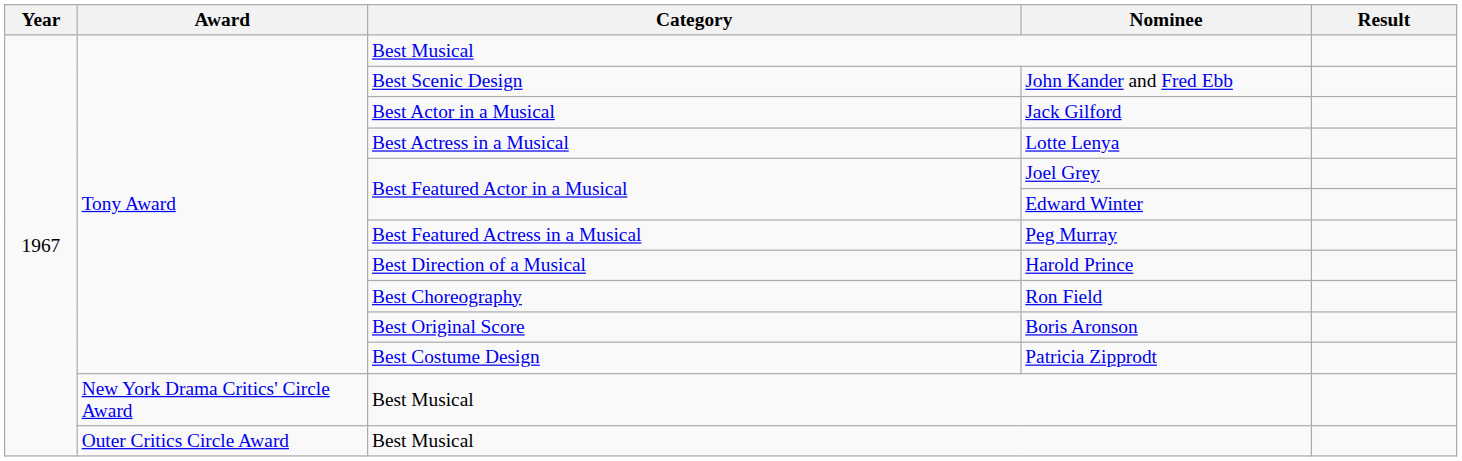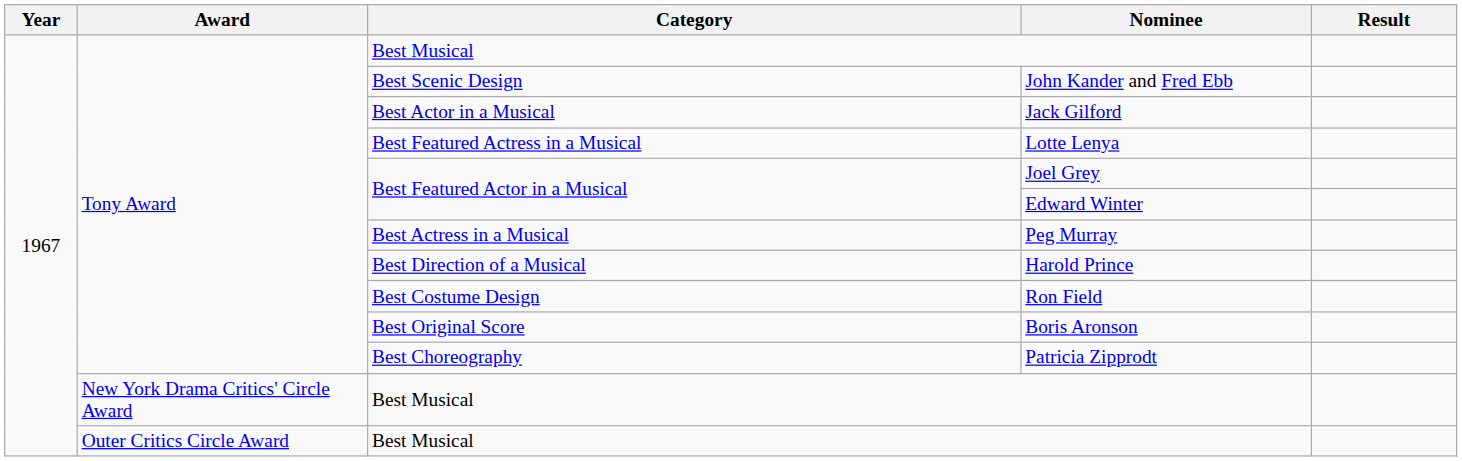 <table class="wikitable" style="width:95%;">
 <tr>
 <th style="width:5%;">Year</th>
 <th style="width:20%;">Award</th>
 <th style="width:45%;">Category</th>
 <th style="width:20%;">Nominee</th>
 <th style="width:10%;">Result</th>
 </tr>
 <tr>
 <td rowspan="13" style="text-align:center;">1967</td>
 <td rowspan="11"><a href='#'>Tony Award</a></td>
 <td colspan="2"><a href='#'>Best Musical</a></td>
 <td></td>
 </tr>
 <tr>
 <td><a href='#'>Best Scenic Design</a></td>
 <td><a href='#'>John Kander</a> and <a href='#'>Fred Ebb</a></td>
 <td></td>
 </tr>
 <tr>
 <td><a href='#'>Best Actor in a Musical</a></td>
 <td><a href='#'>Jack Gilford</a></td>
 <td></td>
 </tr>
 <tr>
-<td><a href='#'>Best Actress in a Musical</a></td>
+<td><a href='#'>Best Featured Actress in a Musical</a></td>
 <td><a href='#'>Lotte Lenya</a></td>
 <td></td>
 </tr>
 <tr>
 <td rowspan="2"><a href='#'>Best Featured Actor in a Musical</a></td>
 <td><a href='#'>Joel Grey</a></td>
 <td></td>
 </tr>
 <tr>
 <td><a href='#'>Edward Winter</a></td>
 <td></td>
 </tr>
 <tr>
-<td><a href='#'>Best Featured Actress in a Musical</a></td>
+<td><a href='#'>Best Actress in a Musical</a></td>
 <td><a href='#'>Peg Murray</a></td>
 <td></td>
 </tr>
 <tr>
 <td><a href='#'>Best Direction of a Musical</a></td>
 <td><a href='#'>Harold Prince</a></td>
 <td></td>
 </tr>
 <tr>
-<td><a href='#'>Best Choreography</a></td>
+<td><a href='#'>Best Costume Design</a></td>
 <td><a href='#'>Ron Field</a></td>
 <td></td>
 </tr>
 <tr>
 <td><a href='#'>Best Original Score</a></td>
 <td><a href='#'>Boris Aronson</a></td>
 <td></td>
 </tr>
 <tr>
-<td><a href='#'>Best Costume Design</a></td>
+<td><a href='#'>Best Choreography</a></td>
 <td><a href='#'>Patricia Zipprodt</a></td>
 <td></td>
 </tr>
 <tr>
 <td><a href='#'>New York Drama Critics' Circle Award</a></td>
 <td colspan="2">Best Musical</td>
 <td></td>
 </tr>
 <tr>
 <td><a href='#'>Outer Critics Circle Award</a></td>
 <td colspan="2">Best Musical</td>
 <td></td>
 </tr>
 </table>
